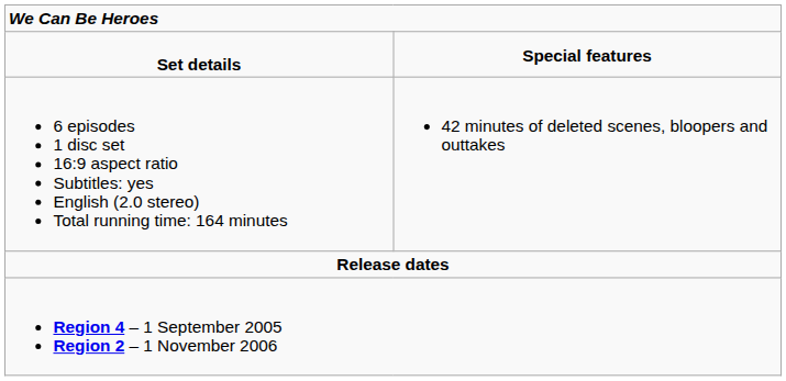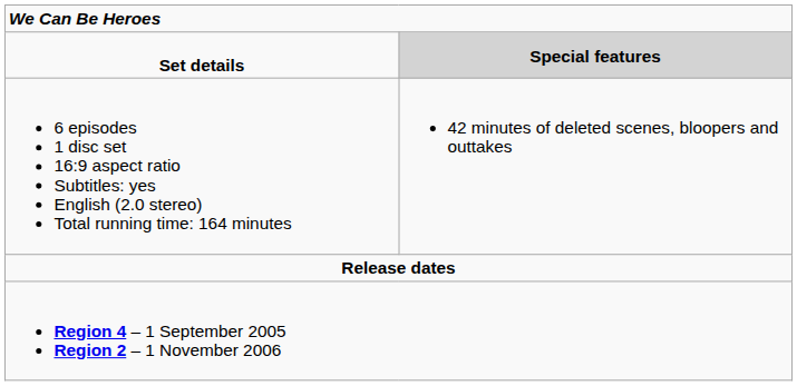 <table class="wikitable" style="width:700px; font-size:95%;">
 <tr>
 <td colspan="2"><strong><em>We Can Be Heroes</em></strong></td>
 </tr>
 <tr>
 <td style="width:250px; text-align:center;"><br><strong>Set details</strong></td>
-<td style="width:250px; text-align:center;"><strong>Special features</strong></td>
+<td style="background: lightgrey; width:250px; text-align:center;"><strong>Special features</strong></td>
 </tr>
 <tr valign="top">
 <td style="text-align:left; width:250px;"><br><ul><li>6 episodes</li><li>1 disc set</li><li>16:9 aspect ratio</li><li>Subtitles: yes</li><li>English (2.0 stereo)</li><li>Total running time: 164 minutes</li></ul></td>
 <td style="text-align:left; width:250px;"><br><ul><li>42 minutes of deleted scenes, bloopers and outtakes</li></ul></td>
 </tr>
 <tr>
 <td colspan="2" style="text-align:center;"><strong>Release dates</strong></td>
 </tr>
 <tr>
 <td colspan="2"><br><ul><li><strong><a href='#'>Region 4</a></strong> – 1 September 2005</li><li><strong><a href='#'>Region 2</a></strong> – 1 November 2006</li></ul></td>
 </tr>
 </table>
